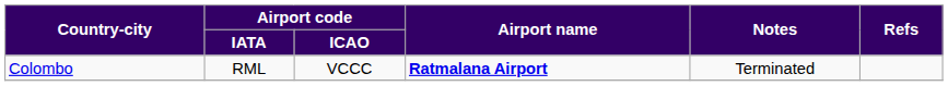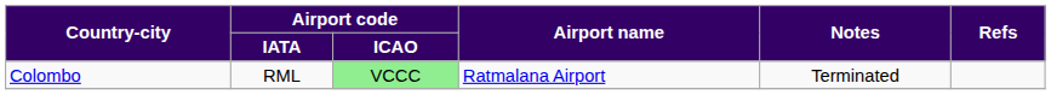 <table class="wikitable sortable" style="font-size: 85%" width="795" align="center">
 <tr>
 <th rowspan="2" style="background:#330066; color:white;">Country-city</th>
 <th colspan="2" style="background:#330066; color:white;">Airport code</th>
 <th rowspan="2" style="background:#330066; color:white;">Airport name</th>
 <th rowspan="2" style="background:#330066; color:white;">Notes</th>
 <th rowspan="2" style="background:#330066; color:white;">Refs</th>
 </tr>
 <tr>
 <th style="background:#330066; color:white;">IATA</th>
 <th style="background:#330066; color:white;">ICAO</th>
 </tr>
 <tr>
 <td><a href='#'>Colombo</a></td>
 <td align="center">RML</td>
-<td align="center">VCCC</td>
-<td><strong><a href='#'>Ratmalana Airport</a></strong></td>
+<td align="center" style="background: lightgreen;">VCCC</td>
+<td><a href='#'>Ratmalana Airport</a></td>
 <td align="center">Terminated</td>
 <td></td>
 </tr>
 <tr>
 </tr>
 </table>
